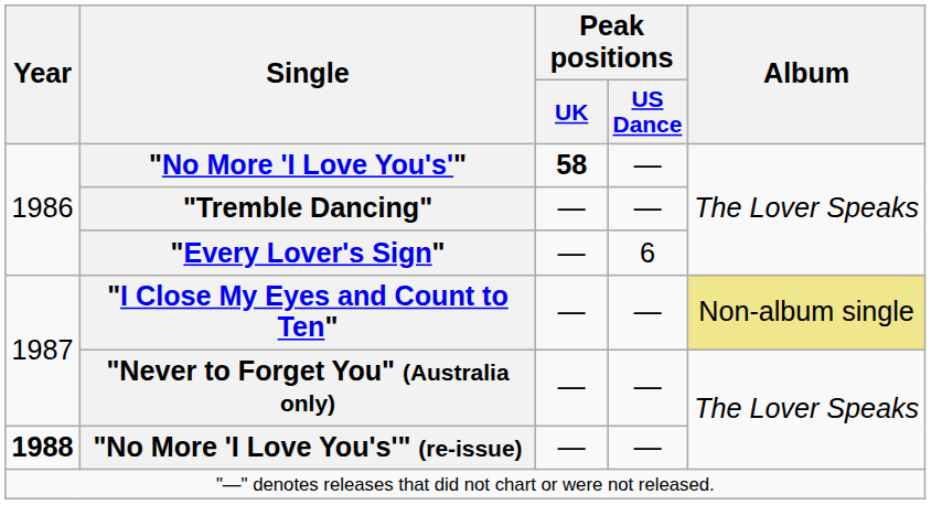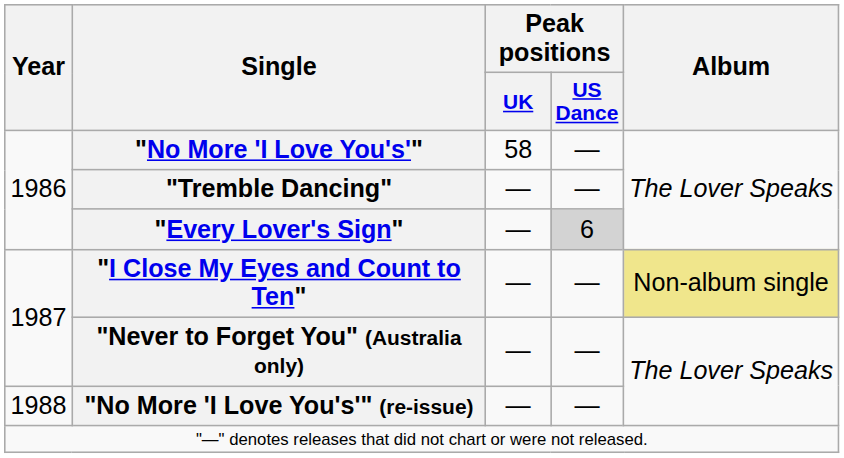 <table class="wikitable plainrowheaders" style="text-align:center;">
 <tr>
 <th rowspan="2">Year</th>
 <th rowspan="2" style="width:16em;">Single</th>
 <th colspan="2">Peak positions</th>
 <th rowspan="2">Album</th>
 </tr>
 <tr style="font-size:smaller;">
 <th style="width:35px;"><a href='#'>UK</a><br></th>
 <th style="width:35px;"><a href='#'>US Dance</a><br></th>
 </tr>
 <tr>
 <td rowspan="3">1986</td>
 <th scope="row">"<a href='#'>No More 'I Love You's'</a>"</th>
-<td><strong>58</strong></td>
+<td>58</td>
 <td>—</td>
 <td style="text-align:left;" rowspan="3"><em>The Lover Speaks</em></td>
 </tr>
 <tr>
 <th scope="row">"Tremble Dancing"</th>
 <td>—</td>
 <td>—</td>
 </tr>
 <tr>
 <th scope="row">"<a href='#'>Every Lover's Sign</a>"</th>
 <td>—</td>
-<td>6</td>
+<td style="background: lightgrey;">6</td>
 </tr>
 <tr>
 <td rowspan="2">1987</td>
 <th scope="row">"<a href='#'>I Close My Eyes and Count to Ten</a>"</th>
 <td>—</td>
 <td>—</td>
 <td style="background: khaki;">Non-album single</td>
 </tr>
 <tr>
 <th scope="row">"Never to Forget You" <small>(Australia only)</small></th>
 <td>—</td>
 <td>—</td>
 <td style="text-align:left;" rowspan="2"><em>The Lover Speaks</em></td>
 </tr>
 <tr>
-<td><strong>1988</strong></td>
+<td>1988</td>
 <th scope="row">"No More 'I Love You's'" <small>(re-issue)</small></th>
 <td>—</td>
 <td>—</td>
 </tr>
 <tr>
 <td colspan="12" style="text-align:center; font-size:8pt;">"—" denotes releases that did not chart or were not released.</td>
 </tr>
 </table>
